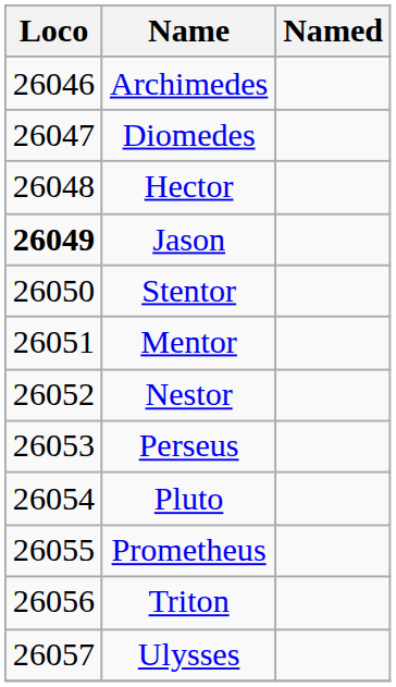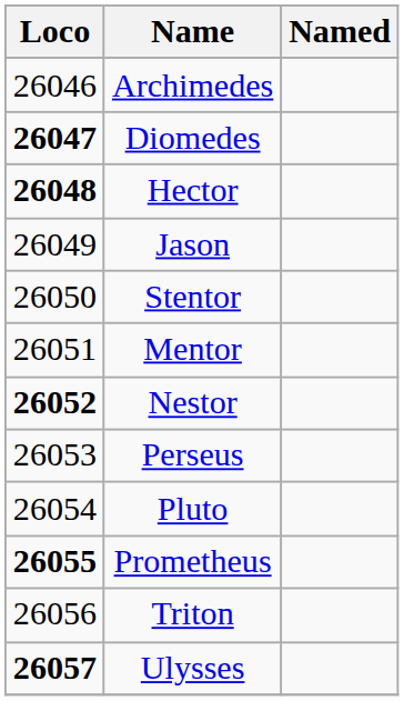 <table class="wikitable sortable" style=text-align:center>
 <tr>
 <th>Loco</th>
 <th>Name</th>
 <th>Named</th>
 </tr>
 <tr>
 <td>26046</td>
 <td><a href='#'>Archimedes</a></td>
 <td></td>
 </tr>
 <tr>
-<td>26047</td>
+<td><strong>26047</strong></td>
 <td><a href='#'>Diomedes</a></td>
 <td></td>
 </tr>
 <tr>
-<td>26048</td>
+<td><strong>26048</strong></td>
 <td><a href='#'>Hector</a></td>
 <td></td>
 </tr>
 <tr>
-<td><strong>26049</strong></td>
+<td>26049</td>
 <td><a href='#'>Jason</a></td>
 <td></td>
 </tr>
 <tr>
 <td>26050</td>
 <td><a href='#'>Stentor</a></td>
 <td></td>
 </tr>
 <tr>
 <td>26051</td>
 <td><a href='#'>Mentor</a></td>
 <td></td>
 </tr>
 <tr>
-<td>26052</td>
+<td><strong>26052</strong></td>
 <td><a href='#'>Nestor</a></td>
 <td></td>
 </tr>
 <tr>
 <td>26053</td>
 <td><a href='#'>Perseus</a></td>
 <td></td>
 </tr>
 <tr>
 <td>26054</td>
 <td><a href='#'>Pluto</a></td>
 <td></td>
 </tr>
 <tr>
-<td>26055</td>
+<td><strong>26055</strong></td>
 <td><a href='#'>Prometheus</a></td>
 <td></td>
 </tr>
 <tr>
 <td>26056</td>
 <td><a href='#'>Triton</a></td>
 <td></td>
 </tr>
 <tr>
-<td>26057</td>
+<td><strong>26057</strong></td>
 <td><a href='#'>Ulysses</a></td>
 <td></td>
 </tr>
 <tr>
 </tr>
 </table>
